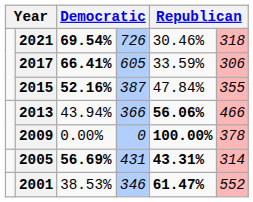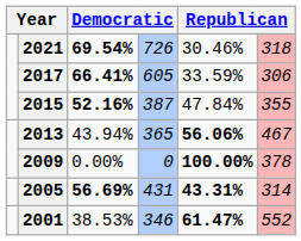 <table class="wikitable" style="float:right; width:400; font-size:90%; margin-left:1em;">
 <tr>
 <th colspan="2" scope="col">Year</th>
 <th colspan="2" scope="col"><a href='#'>Democratic</a></th>
 <th colspan="2" scope="col"><a href='#'>Republican</a></th>
 </tr>
 <tr>
 <td rowspan="3" style="width: 0.25em; background-color: "></td>
 <th>2021</th>
 <td><strong>69.54%</strong></td>
 <td style="text-align:right; background:#b0ceff;"><em>726</em></td>
 <td>30.46%</td>
 <td style="text-align:right; background:#ffb6b6;"><em>318</em></td>
 </tr>
 <tr>
 <th>2017</th>
 <td><strong>66.41%</strong></td>
 <td style="text-align:right; background:#b0ceff;"><em>605</em></td>
 <td>33.59%</td>
 <td style="text-align:right; background:#ffb6b6;"><em>306</em></td>
 </tr>
 <tr>
 <th>2015</th>
 <td><strong>52.16%</strong></td>
 <td style="text-align:right; background:#b0ceff;"><em>387</em></td>
 <td>47.84%</td>
 <td style="text-align:right; background:#ffb6b6;"><em>355</em></td>
 </tr>
 <tr>
 <td rowspan="2" style="width: 0.25em; background-color: "></td>
 <th>2013</th>
 <td>43.94%</td>
-<td style="text-align:right; background:#b0ceff;"><em>366</em></td>
+<td style="text-align:right; background:#b0ceff;"><em>365</em></td>
 <td><strong>56.06%</strong></td>
-<td style="text-align:right; background:#ffb6b6;"><em>466</em></td>
+<td style="text-align:right; background:#ffb6b6;"><em>467</em></td>
 </tr>
 <tr>
 <th>2009</th>
 <td>0.00%</td>
 <td style="text-align:right; background:#b0ceff;"><em>0</em></td>
 <td><strong>100.00%</strong></td>
 <td style="text-align:right; background:#ffb6b6;"><em>378</em></td>
 </tr>
 <tr>
 <td rowspan="1" style="width: 0.25em; background-color: "></td>
 <th>2005</th>
 <td><strong>56.69%</strong></td>
 <td style="text-align:right; background:#b0ceff;"><em>431</em></td>
 <td><strong>43.31%</strong></td>
 <td style="text-align:right; background:#ffb6b6;"><em>314</em></td>
 </tr>
 <tr>
 <td rowspan="1" style="width: 0.25em; background-color: "></td>
 <th>2001</th>
 <td>38.53%</td>
 <td style="text-align:right; background:#b0ceff;"><em>346</em></td>
 <td><strong>61.47%</strong></td>
 <td style="text-align:right; background:#ffb6b6;"><em>552</em></td>
 </tr>
 </table>
